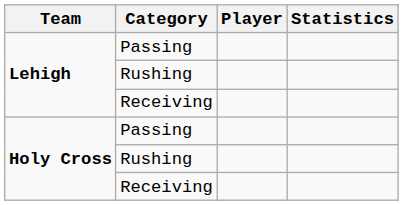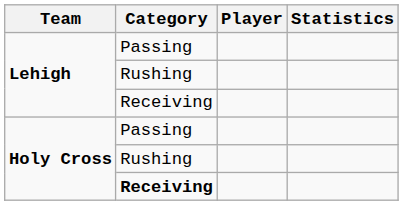 <table class="wikitable" style="float: right;">
 <tr>
 <th>Team</th>
 <th>Category</th>
 <th>Player</th>
 <th>Statistics</th>
 </tr>
 <tr>
 <td rowspan=3><strong>Lehigh</strong></td>
 <td>Passing</td>
 <td></td>
 <td></td>
 </tr>
 <tr>
 <td>Rushing</td>
 <td></td>
 <td></td>
 </tr>
 <tr>
 <td>Receiving</td>
 <td></td>
 <td></td>
 </tr>
 <tr>
 <td rowspan=3><strong>Holy Cross</strong></td>
 <td>Passing</td>
 <td></td>
 <td></td>
 </tr>
 <tr>
 <td>Rushing</td>
 <td></td>
 <td></td>
 </tr>
 <tr>
-<td>Receiving</td>
+<td><strong>Receiving</strong></td>
 <td></td>
 <td></td>
 </tr>
 </table>
